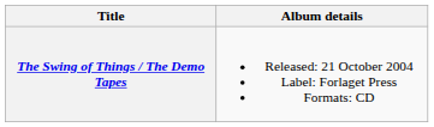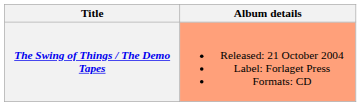 <table class="wikitable plainrowheaders" style="text-align:center;">
 <tr>
 <th scope="col" style="width:15em;">Title</th>
 <th scope="col" style="width:15em;">Album details</th>
 </tr>
 <tr>
 <th scope="row"><em><a href='#'>The Swing of Things / The Demo Tapes</a></em></th>
-<td><br><ul><li>Released: 21 October 2004</li><li>Label: Forlaget Press</li><li>Formats: CD</li></ul></td>
+<td style="background: lightsalmon;"><br><ul><li>Released: 21 October 2004</li><li>Label: Forlaget Press</li><li>Formats: CD</li></ul></td>
 </tr>
 </table>
